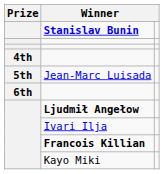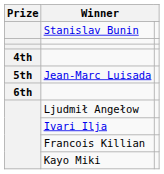 <table class="wikitable">
 <tr>
 <th>Prize</th>
 <th colspan="2">Winner</th>
 </tr>
 <tr>
 <th></th>
-<td><strong><a href='#'>Stanislav Bunin</a></strong></td>
+<td><a href='#'>Stanislav Bunin</a></td>
 <td></td>
 </tr>
 <tr>
 <th></th>
 <td></td>
 <td></td>
 </tr>
 <tr>
 <th></th>
 <td></td>
 <td></td>
 </tr>
 <tr>
 <th>4th</th>
 <td></td>
 <td></td>
 </tr>
 <tr>
 <th>5th</th>
 <td><a href='#'>Jean-Marc Luisada</a></td>
 <td></td>
 </tr>
 <tr>
 <th>6th</th>
 <td></td>
 <td></td>
 </tr>
 <tr>
 <th rowspan="4"></th>
-<td><strong>Ljudmił Angełow</strong></td>
+<td>Ljudmił Angełow</td>
 <td></td>
 </tr>
 <tr>
 <td><a href='#'>Ivari Ilja</a></td>
 <td></td>
 </tr>
 <tr>
-<td><strong>Francois Killian</strong></td>
+<td>Francois Killian</td>
 <td></td>
 </tr>
 <tr>
 <td>Kayo Miki</td>
 <td></td>
 </tr>
 </table>
